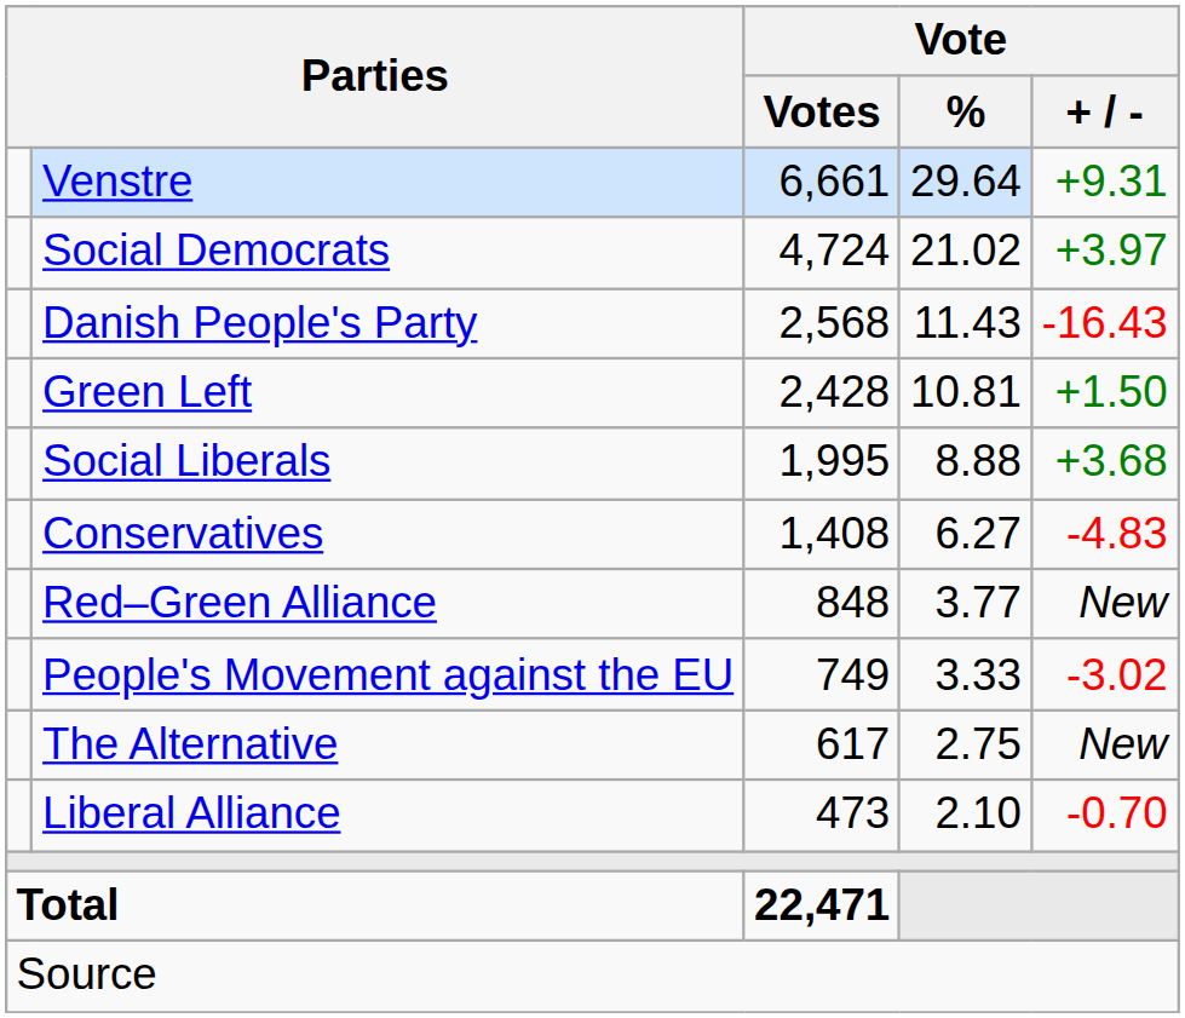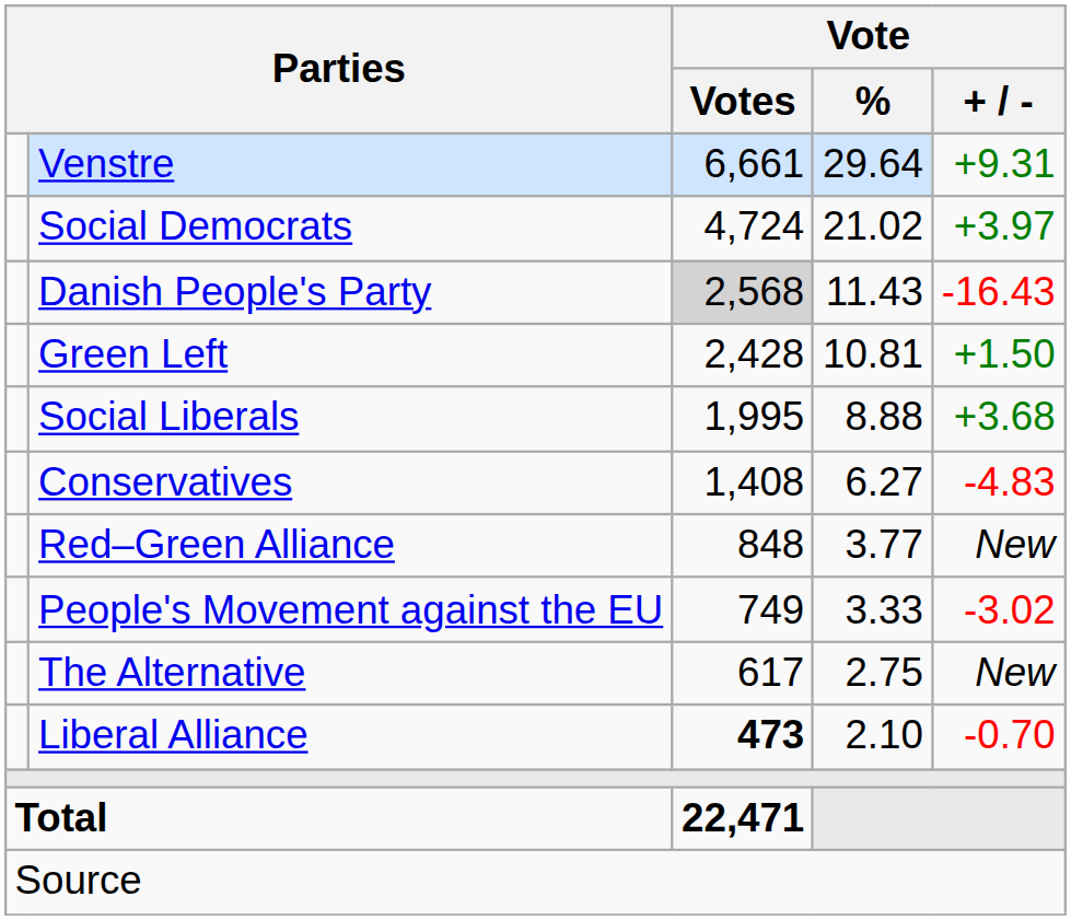 <table class="wikitable" style="text-align:right;">
 <tr>
 <th style="text-align:centre;" rowspan="2" colspan="2" width="225">Parties</th>
 <th colspan="3">Vote</th>
 </tr>
 <tr>
 <th width="15">Votes</th>
 <th width="15">%</th>
 <th width="15">+ / -</th>
 </tr>
 <tr>
 <td width="2" style="color:inherit;background:"></td>
 <td bgcolor=#cfe5fe   align="left"><a href='#'>Venstre</a></td>
 <td bgcolor=#cfe5fe>6,661</td>
 <td bgcolor=#cfe5fe>29.64</td>
 <td style=color:green;>+9.31</td>
 </tr>
 <tr>
 <td width="2" style="color:inherit;background:"></td>
 <td align="left"><a href='#'>Social Democrats</a></td>
 <td>4,724</td>
 <td>21.02</td>
 <td style=color:green;>+3.97</td>
 </tr>
 <tr>
 <td width="2" style="color:inherit;background:"></td>
 <td align="left"><a href='#'>Danish People's Party</a></td>
-<td>2,568</td>
+<td style="background: lightgrey;">2,568</td>
 <td>11.43</td>
 <td style=color:red;>-16.43</td>
 </tr>
 <tr>
 <td width="2" style="color:inherit;background:"></td>
 <td align="left"><a href='#'>Green Left</a></td>
 <td>2,428</td>
 <td>10.81</td>
 <td style=color:green;>+1.50</td>
 </tr>
 <tr>
 <td width="2" style="color:inherit;background:"></td>
 <td align="left"><a href='#'>Social Liberals</a></td>
 <td>1,995</td>
 <td>8.88</td>
 <td style=color:green;>+3.68</td>
 </tr>
 <tr>
 <td width="2" style="color:inherit;background:"></td>
 <td align="left"><a href='#'>Conservatives</a></td>
 <td>1,408</td>
 <td>6.27</td>
 <td style=color:red;>-4.83</td>
 </tr>
 <tr>
 <td width="2" style="color:inherit;background:"></td>
 <td align="left"><a href='#'>Red–Green Alliance</a></td>
 <td>848</td>
 <td>3.77</td>
 <td><em>New</em></td>
 </tr>
 <tr>
 <td width="2" style="color:inherit;background:"></td>
 <td align="left"><a href='#'>People's Movement against the EU</a></td>
 <td>749</td>
 <td>3.33</td>
 <td style=color:red;>-3.02</td>
 </tr>
 <tr>
 <td width="2" style="color:inherit;background:"></td>
 <td align="left"><a href='#'>The Alternative</a></td>
 <td>617</td>
 <td>2.75</td>
 <td><em>New</em></td>
 </tr>
 <tr>
 <td width="2" style="color:inherit;background:"></td>
 <td align="left"><a href='#'>Liberal Alliance</a></td>
-<td>473</td>
+<td><strong>473</strong></td>
 <td>2.10</td>
 <td style=color:red;>-0.70</td>
 </tr>
 <tr>
 <td colspan="7" bgcolor="#E9E9E9"></td>
 </tr>
 <tr>
 <td align="left" colspan="2"><strong>Total</strong></td>
 <td><strong>22,471</strong></td>
 <td bgcolor="#E9E9E9" colspan="2"></td>
 </tr>
 <tr>
 <td align="left" colspan="6">Source</td>
 </tr>
 </table>
